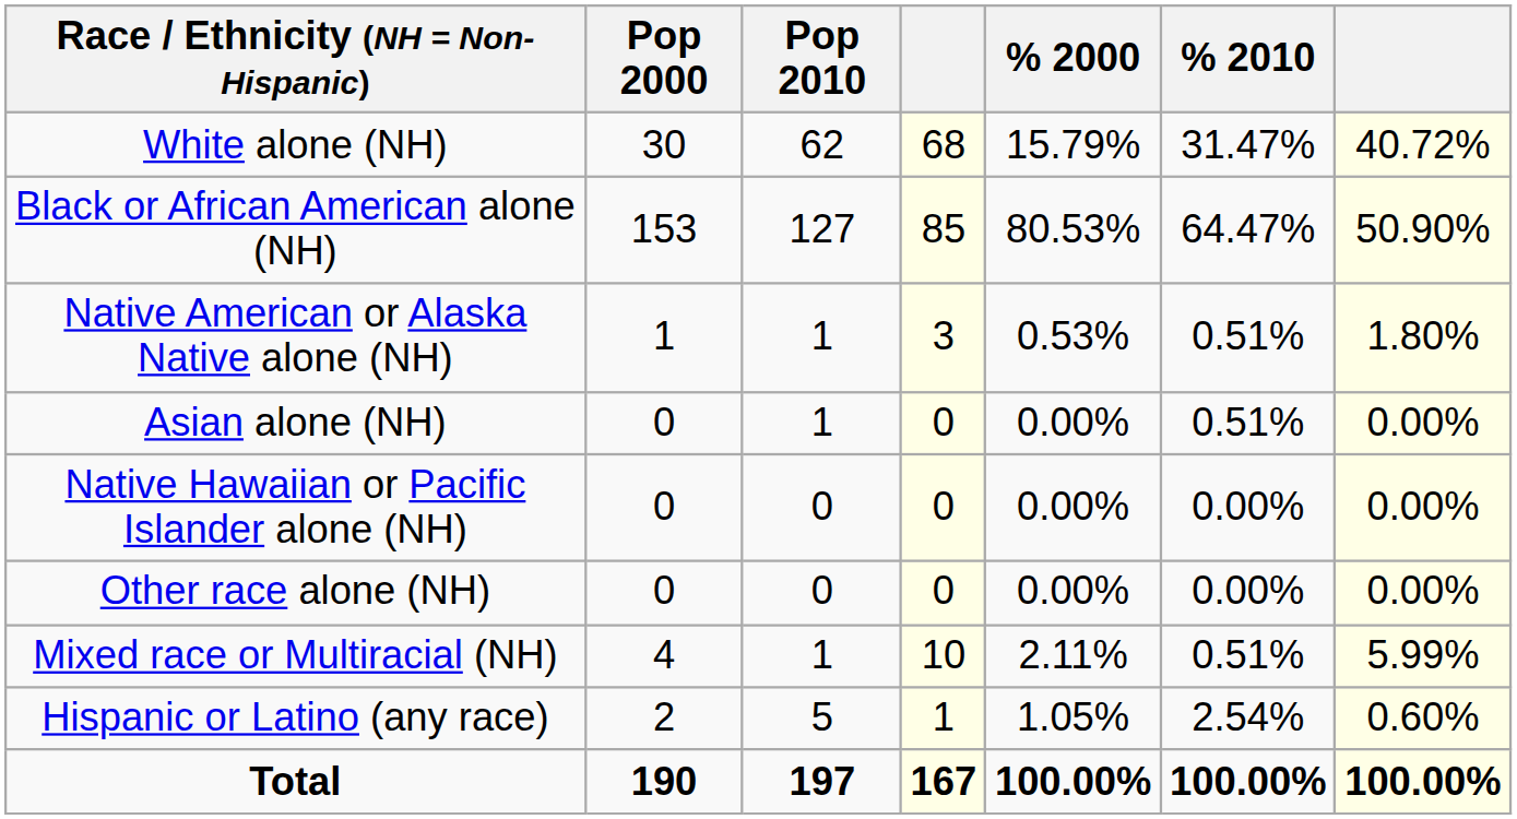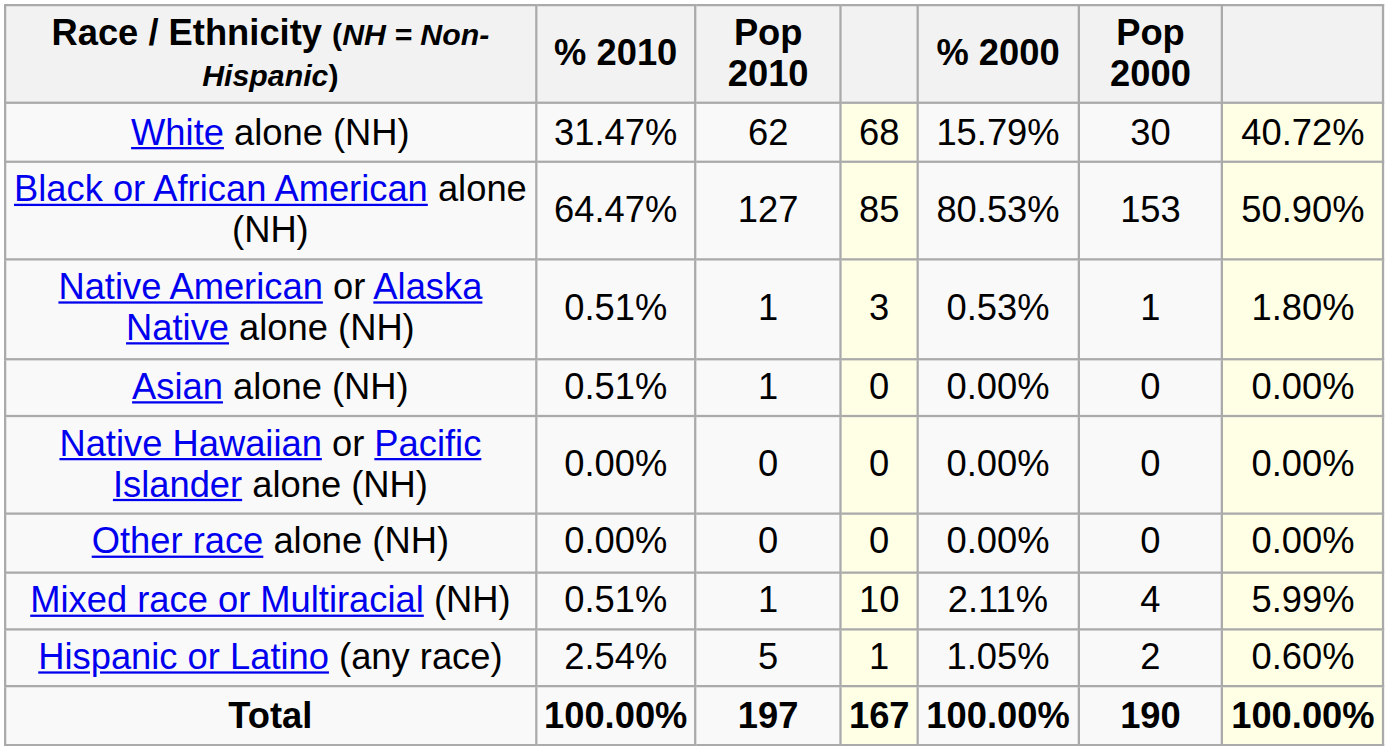 <table class="wikitable" style="text-align:center;">
 <tr>
 <th>Race / Ethnicity <small>(<em>NH = Non-Hispanic</em>)</small></th>
-<th>Pop 2000</th>
+<th>% 2010</th>
 <th>Pop 2010</th>
 <th></th>
 <th>% 2000</th>
-<th>% 2010</th>
+<th>Pop 2000</th>
 <th></th>
 </tr>
 <tr>
 <td><a href='#'>White</a> alone (NH)</td>
-<td>30</td>
+<td>31.47%</td>
 <td>62</td>
 <td style='background: #ffffe6;'>68</td>
 <td>15.79%</td>
-<td>31.47%</td>
+<td>30</td>
 <td style='background: #ffffe6;'>40.72%</td>
 </tr>
 <tr>
 <td><a href='#'>Black or African American</a> alone (NH)</td>
-<td>153</td>
+<td>64.47%</td>
 <td>127</td>
 <td style='background: #ffffe6;'>85</td>
 <td>80.53%</td>
-<td>64.47%</td>
+<td>153</td>
 <td style='background: #ffffe6;'>50.90%</td>
 </tr>
 <tr>
 <td><a href='#'>Native American</a> or <a href='#'>Alaska Native</a> alone (NH)</td>
-<td>1</td>
+<td>0.51%</td>
 <td>1</td>
 <td style='background: #ffffe6;'>3</td>
 <td>0.53%</td>
-<td>0.51%</td>
+<td>1</td>
 <td style='background: #ffffe6;'>1.80%</td>
 </tr>
 <tr>
 <td><a href='#'>Asian</a> alone (NH)</td>
-<td>0</td>
+<td>0.51%</td>
 <td>1</td>
 <td style='background: #ffffe6;'>0</td>
 <td>0.00%</td>
-<td>0.51%</td>
+<td>0</td>
 <td style='background: #ffffe6;'>0.00%</td>
 </tr>
 <tr>
 <td><a href='#'>Native Hawaiian</a>  or <a href='#'>Pacific Islander</a> alone (NH)</td>
-<td>0</td>
+<td>0.00%</td>
 <td>0</td>
 <td style='background: #ffffe6;'>0</td>
 <td>0.00%</td>
-<td>0.00%</td>
+<td>0</td>
 <td style='background: #ffffe6;'>0.00%</td>
 </tr>
 <tr>
 <td><a href='#'>Other race</a> alone (NH)</td>
-<td>0</td>
+<td>0.00%</td>
 <td>0</td>
 <td style='background: #ffffe6;'>0</td>
 <td>0.00%</td>
-<td>0.00%</td>
+<td>0</td>
 <td style='background: #ffffe6;'>0.00%</td>
 </tr>
 <tr>
 <td><a href='#'>Mixed race or Multiracial</a> (NH)</td>
-<td>4</td>
+<td>0.51%</td>
 <td>1</td>
 <td style='background: #ffffe6;'>10</td>
 <td>2.11%</td>
-<td>0.51%</td>
+<td>4</td>
 <td style='background: #ffffe6;'>5.99%</td>
 </tr>
 <tr>
 <td><a href='#'>Hispanic or Latino</a> (any race)</td>
-<td>2</td>
+<td>2.54%</td>
 <td>5</td>
 <td style='background: #ffffe6;'>1</td>
 <td>1.05%</td>
-<td>2.54%</td>
+<td>2</td>
 <td style='background: #ffffe6;'>0.60%</td>
 </tr>
 <tr>
 <td><strong>Total</strong></td>
-<td><strong>190</strong></td>
+<td><strong>100.00%</strong></td>
 <td><strong>197</strong></td>
 <td style='background: #ffffe6;'><strong>167</strong></td>
 <td><strong>100.00%</strong></td>
-<td><strong>100.00%</strong></td>
+<td><strong>190</strong></td>
 <td style='background: #ffffe6;'><strong>100.00%</strong></td>
 </tr>
 </table>
